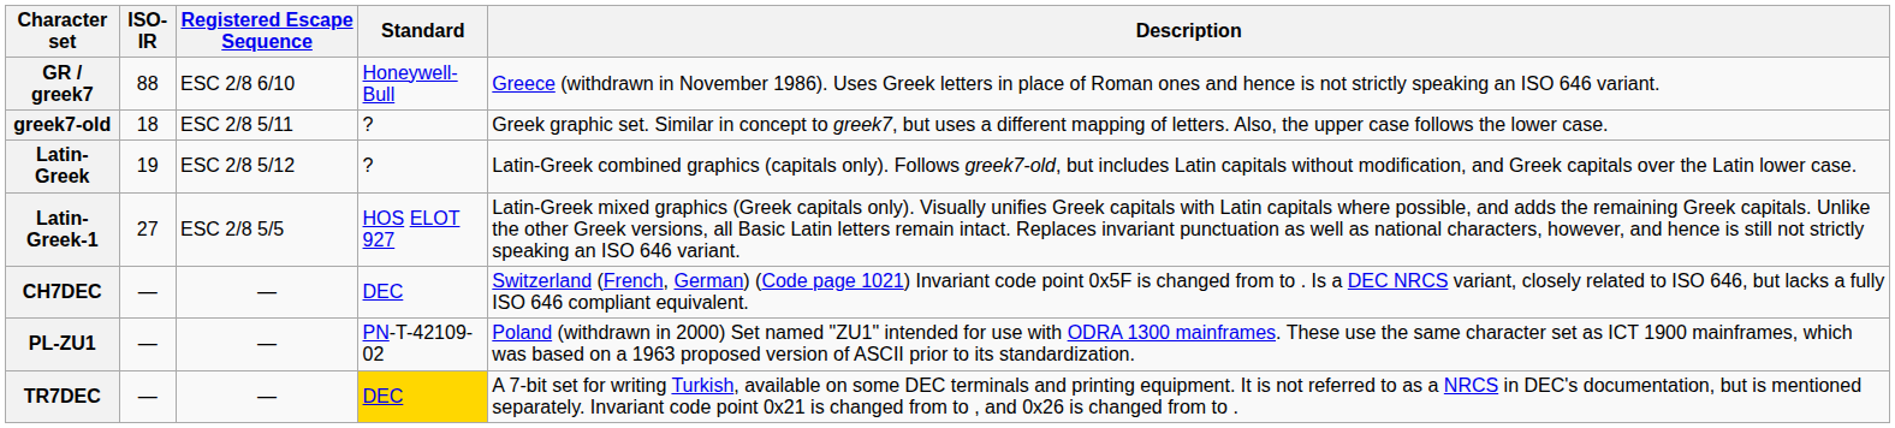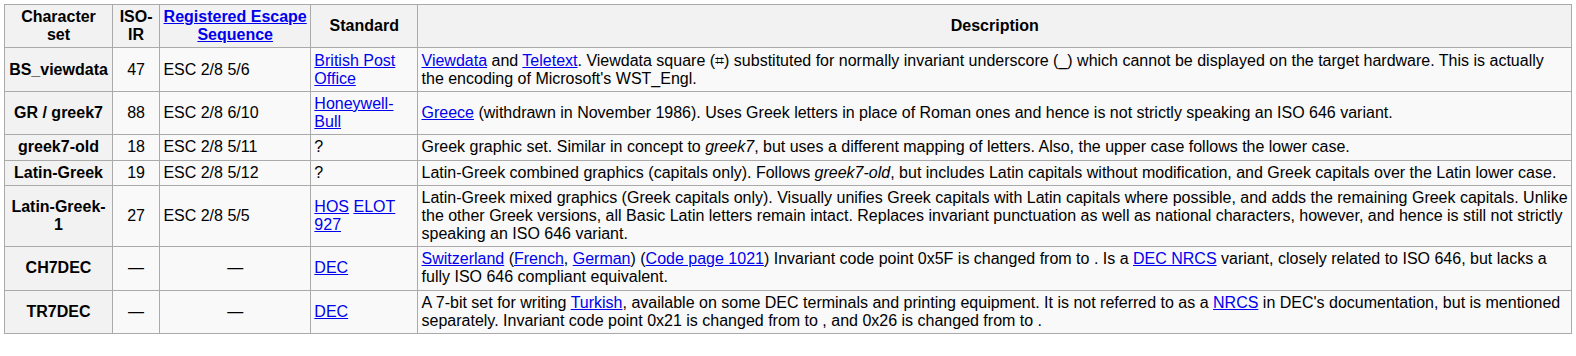 <table class="wikitable sortable" style="width:99%;">
 <tr>
 <th>Character set</th>
 <th>ISO-IR</th>
 <th><a href='#'>Registered Escape Sequence</a></th>
 <th>Standard</th>
 <th>Description</th>
+</tr>
+<tr>
+<th>BS_viewdata</th>
+<td style="text-align:center;" data-sort-value="047">47</td>
+<td>ESC 2/8 5/6</td>
+<td><a href='#'>British Post Office</a></td>
+<td><a href='#'>Viewdata</a> and <a href='#'>Teletext</a>. Viewdata square (⌗) substituted for normally invariant underscore (_) which cannot be displayed on the target hardware. This is actually the encoding of Microsoft's WST_Engl.</td>
 </tr>
 <tr>
 <th>GR / greek7</th>
 <td style="text-align:center;" data-sort-value="088">88</td>
 <td>ESC 2/8 6/10</td>
 <td><a href='#'>Honeywell-Bull</a></td>
 <td><a href='#'>Greece</a> (withdrawn in November 1986). Uses Greek letters in place of Roman ones and hence is not strictly speaking an ISO 646 variant.</td>
 </tr>
 <tr>
 <th>greek7-old</th>
 <td style="text-align:center;" data-sort-value="018">18</td>
 <td>ESC 2/8 5/11</td>
 <td>?</td>
 <td>Greek graphic set. Similar in concept to <em>greek7</em>, but uses a different mapping of letters. Also, the upper case follows the lower case.</td>
 </tr>
 <tr>
 <th>Latin-Greek</th>
 <td style="text-align:center;" data-sort-value="019">19</td>
 <td>ESC 2/8 5/12</td>
 <td>?</td>
 <td>Latin-Greek combined graphics (capitals only). Follows <em>greek7-old</em>, but includes Latin capitals without modification, and Greek capitals over the Latin lower case.</td>
 </tr>
 <tr>
 <th>Latin-Greek-1</th>
 <td style="text-align:center;" data-sort-value="027">27</td>
 <td>ESC 2/8 5/5</td>
 <td><a href='#'>HOS</a> <a href='#'>ELOT 927</a></td>
 <td>Latin-Greek mixed graphics (Greek capitals only). Visually unifies Greek capitals with Latin capitals where possible, and adds the remaining Greek capitals. Unlike the other Greek versions, all Basic Latin letters remain intact. Replaces invariant punctuation as well as national characters, however, and hence is still not strictly speaking an ISO 646 variant.</td>
 </tr>
 <tr>
 <th>CH7DEC</th>
 <td style="text-align:center;">—</td>
 <td style="text-align:center;">—</td>
 <td><a href='#'>DEC</a></td>
 <td><a href='#'>Switzerland</a> (<a href='#'>French</a>, <a href='#'>German</a>) (<a href='#'>Code page 1021</a>) Invariant code point 0x5F is changed from  to . Is a <a href='#'>DEC NRCS</a> variant, closely related to ISO 646, but lacks a fully ISO 646 compliant equivalent.</td>
 </tr>
 <tr>
-<th>PL-ZU1</th>
-<td style="text-align:center;">—</td>
-<td style="text-align:center;">—</td>
-<td><a href='#'>PN</a>-⁠T⁠-⁠42109-02</td>
-<td><a href='#'>Poland</a> (withdrawn in 2000) Set named "ZU1" intended for use with <a href='#'>ODRA 1300 mainframes</a>. These use the same character set as ICT 1900 mainframes, which was based on a 1963 proposed version of ASCII prior to its standardization.</td>
-</tr>
-<tr>
 <th>TR7DEC</th>
 <td style="text-align:center;">—</td>
 <td style="text-align:center;">—</td>
-<td style="background: gold;"><a href='#'>DEC</a></td>
+<td><a href='#'>DEC</a></td>
 <td>A 7-bit set for writing <a href='#'>Turkish</a>, available on some DEC terminals and printing equipment. It is not referred to as a <a href='#'>NRCS</a> in DEC's documentation, but is mentioned separately. Invariant code point 0x21 is changed from  to , and 0x26 is changed from  to .</td>
 </tr>
 </table>
